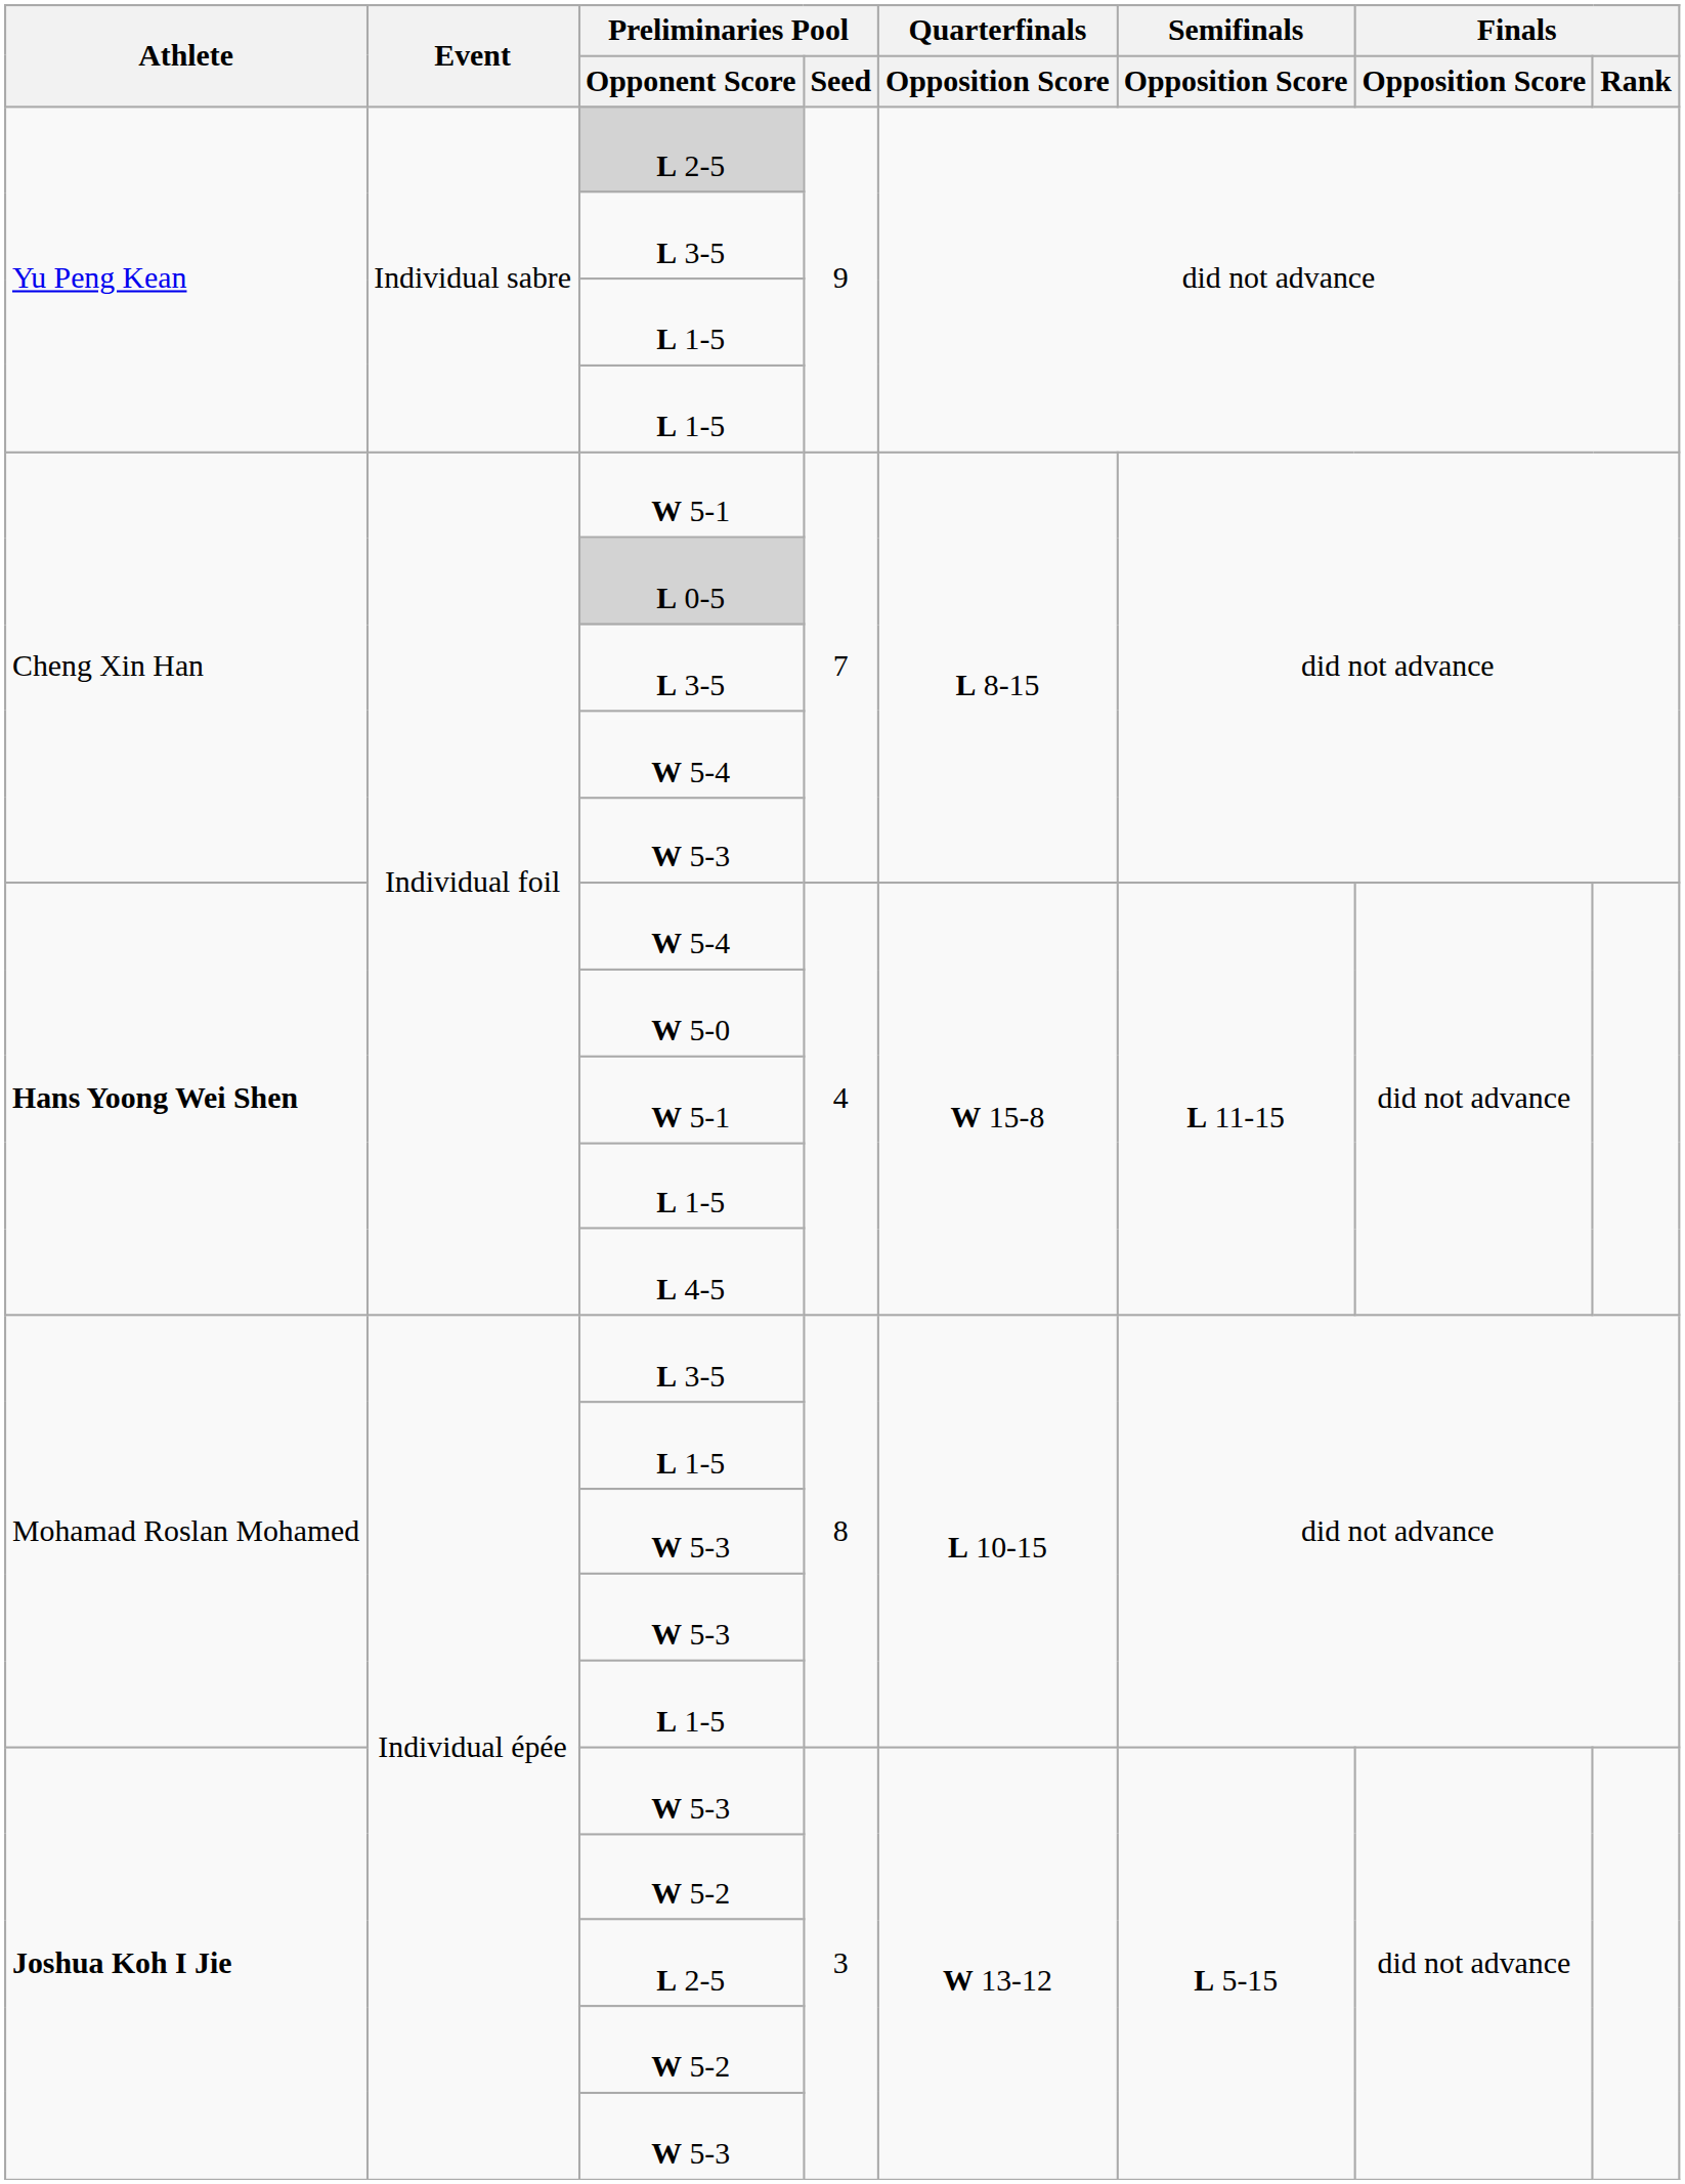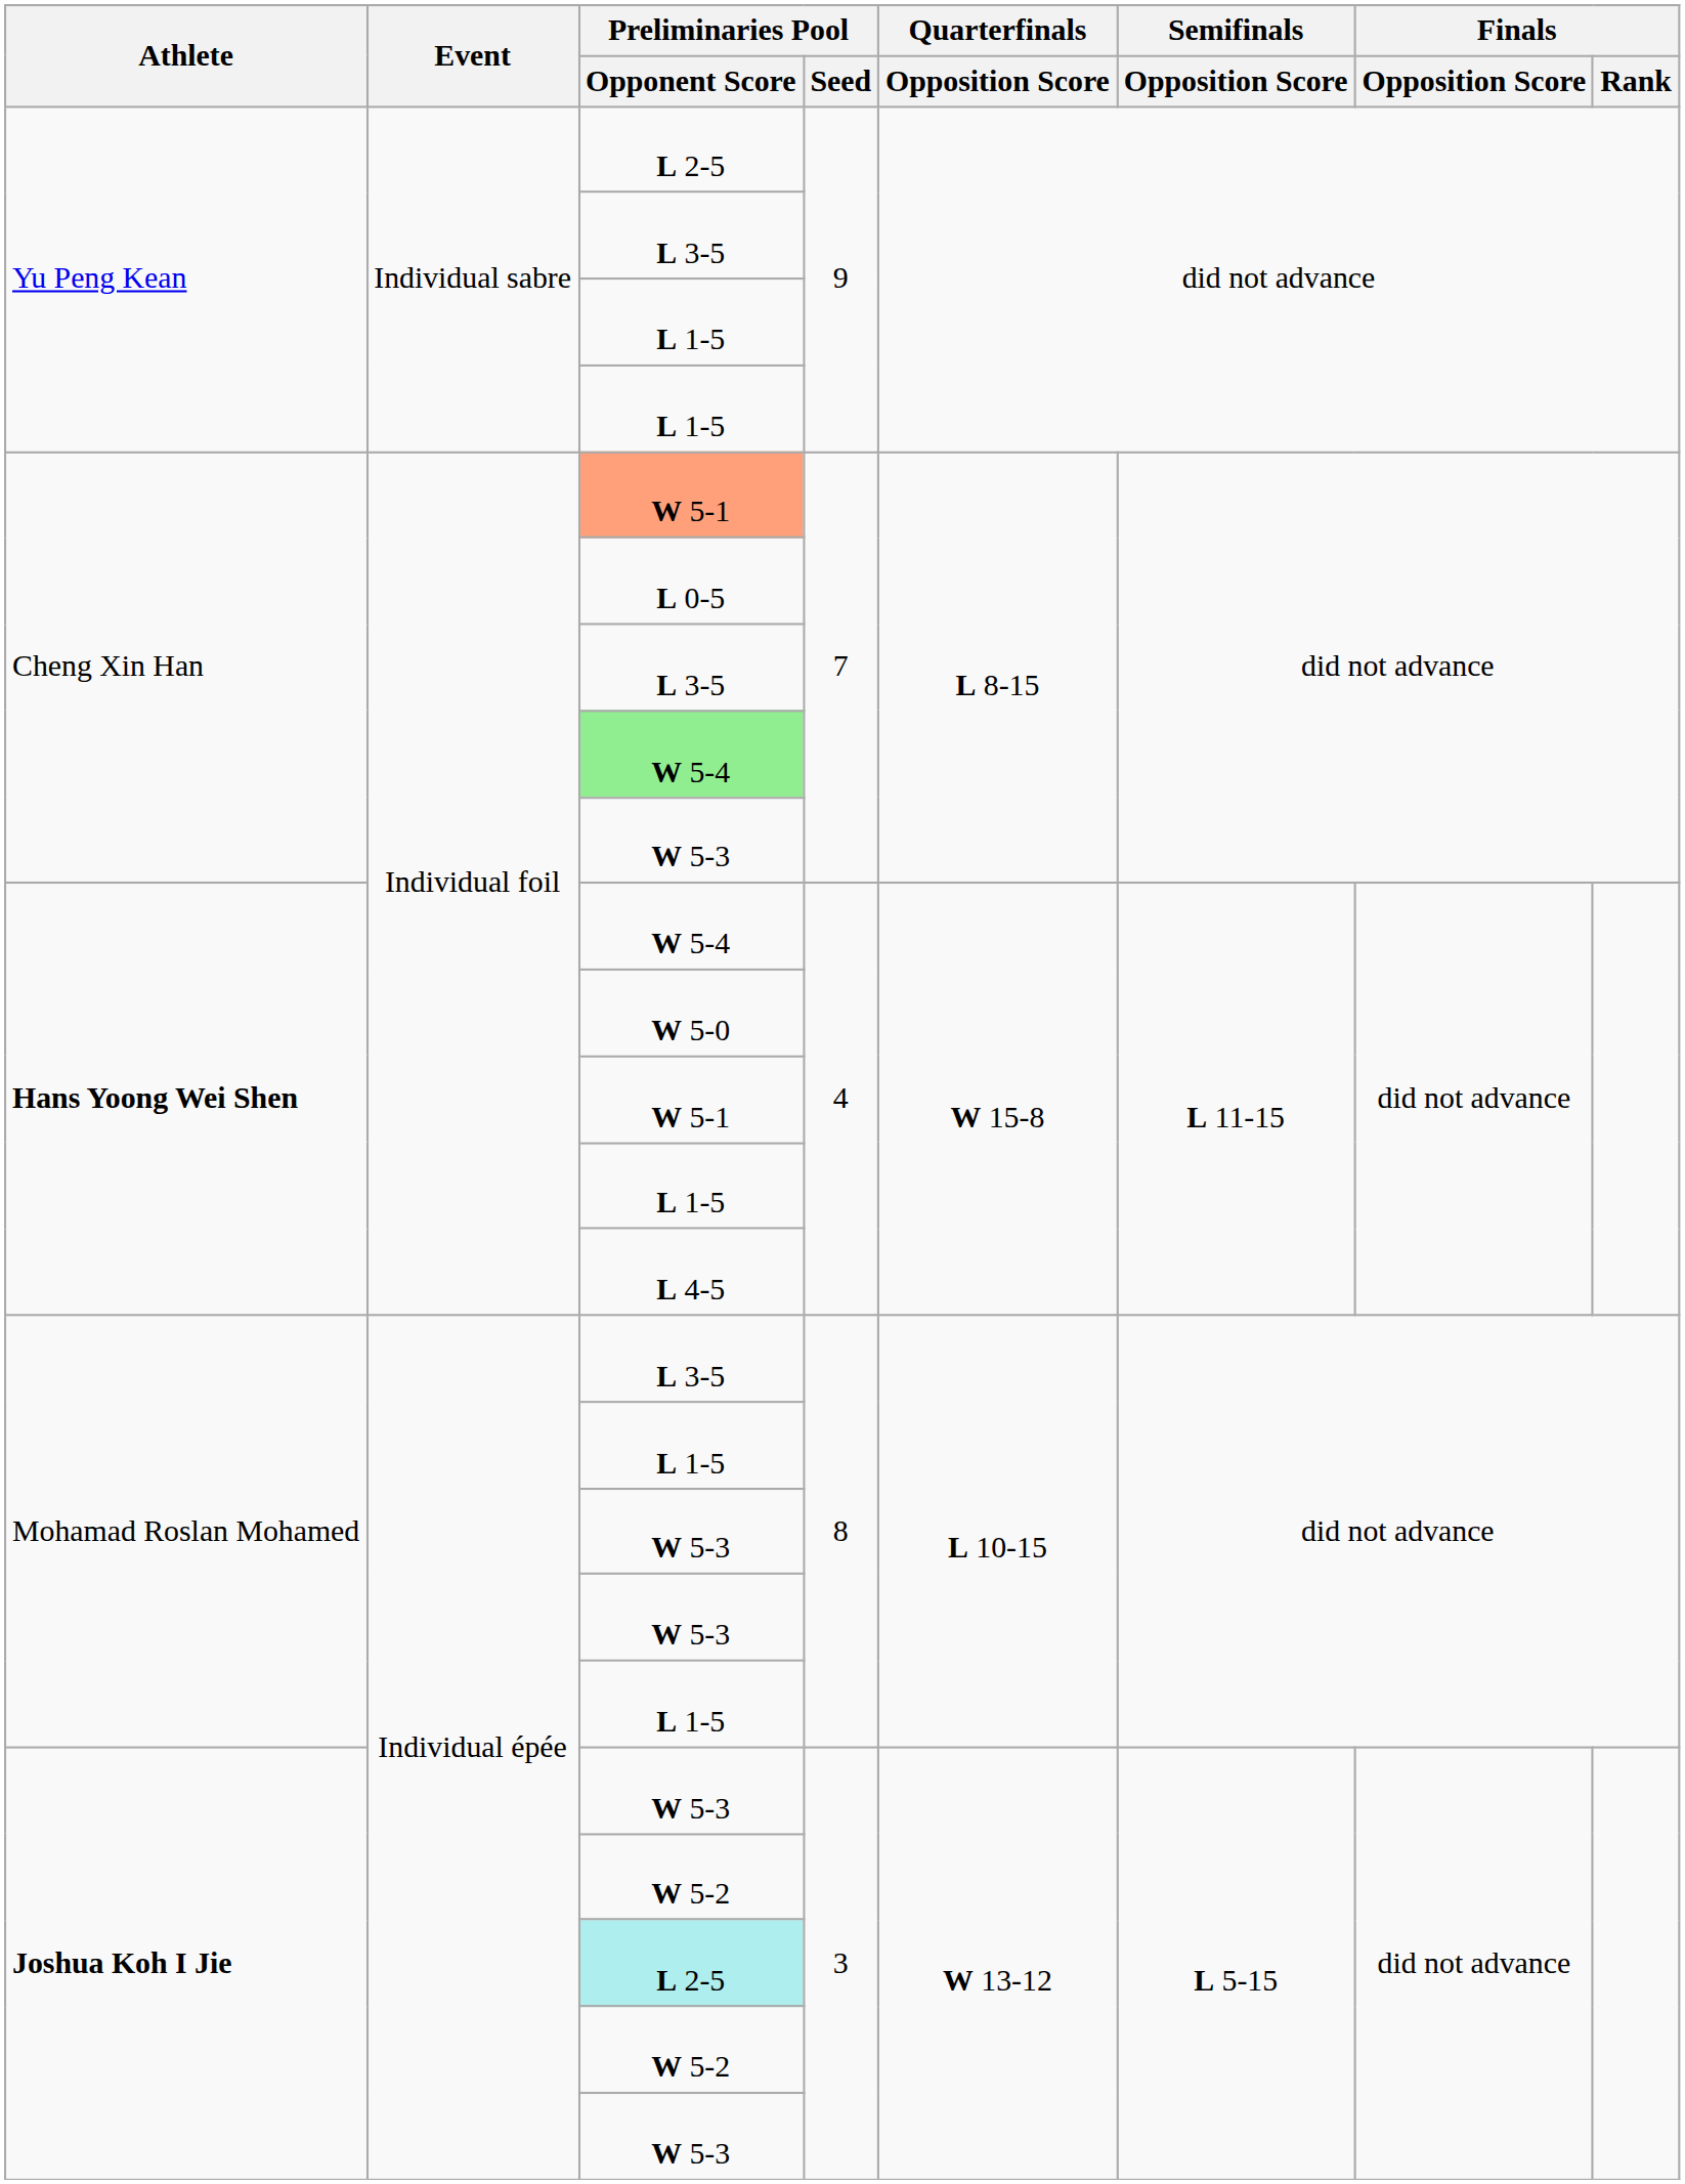 <table class="wikitable" style="font-size:90%">
 <tr>
 <th rowspan="2">Athlete</th>
 <th rowspan="2">Event</th>
 <th colspan="2">Preliminaries Pool</th>
 <th>Quarterfinals</th>
 <th>Semifinals</th>
 <th colspan="2">Finals</th>
 </tr>
 <tr>
 <th>Opponent Score</th>
 <th>Seed</th>
 <th>Opposition Score</th>
 <th>Opposition Score</th>
 <th>Opposition Score</th>
 <th>Rank</th>
 </tr>
 <tr align="center">
 <td align="left" rowspan="4"><a href='#'>Yu Peng Kean</a></td>
 <td rowspan="4">Individual sabre</td>
-<td style="background: lightgrey;"><br><strong>L</strong> 2-5</td>
+<td><br><strong>L</strong> 2-5</td>
 <td rowspan="4">9</td>
 <td colspan="4" rowspan="4">did not advance</td>
 </tr>
 <tr align="center">
 <td><br><strong>L</strong> 3-5</td>
 </tr>
 <tr align="center">
 <td><br><strong>L</strong> 1-5</td>
 </tr>
 <tr align="center">
 <td><br><strong>L</strong> 1-5</td>
 </tr>
 <tr align="center">
 <td align="left" rowspan="5">Cheng Xin Han</td>
 <td rowspan="10">Individual foil</td>
-<td><br><strong>W</strong> 5-1</td>
+<td style="background: lightsalmon;"><br><strong>W</strong> 5-1</td>
 <td rowspan="5">7</td>
 <td rowspan="5"><br><strong>L</strong> 8-15</td>
 <td colspan="3" rowspan="5">did not advance</td>
 </tr>
 <tr align="center">
-<td style="background: lightgrey;"><br><strong>L</strong> 0-5</td>
+<td><br><strong>L</strong> 0-5</td>
 </tr>
 <tr align="center">
 <td><br><strong>L</strong> 3-5</td>
 </tr>
 <tr align="center">
-<td><br><strong>W</strong> 5-4</td>
+<td style="background: lightgreen;"><br><strong>W</strong> 5-4</td>
 </tr>
 <tr align="center">
 <td><br><strong>W</strong> 5-3</td>
 </tr>
 <tr align="center">
 <td align="left" rowspan="5"><strong>Hans Yoong Wei Shen</strong></td>
 <td><br><strong>W</strong> 5-4</td>
 <td rowspan="5">4</td>
 <td rowspan="5"><br><strong>W</strong> 15-8</td>
 <td rowspan="5"><br><strong>L</strong> 11-15</td>
 <td rowspan="5">did not advance</td>
 <td rowspan="5"></td>
 </tr>
 <tr align="center">
 <td><br><strong>W</strong> 5-0</td>
 </tr>
 <tr align="center">
 <td><br><strong>W</strong> 5-1</td>
 </tr>
 <tr align="center">
 <td><br><strong>L</strong> 1-5</td>
 </tr>
 <tr align="center">
 <td><br><strong>L</strong> 4-5</td>
 </tr>
 <tr align="center">
 <td align="left" rowspan="5">Mohamad Roslan Mohamed</td>
 <td rowspan="10">Individual épée</td>
 <td><br><strong>L</strong> 3-5</td>
 <td rowspan="5">8</td>
 <td rowspan="5"><br><strong>L</strong> 10-15</td>
 <td colspan="3" rowspan="5">did not advance</td>
 </tr>
 <tr align="center">
 <td><br><strong>L</strong> 1-5</td>
 </tr>
 <tr align="center">
 <td><br><strong>W</strong> 5-3</td>
 </tr>
 <tr align="center">
 <td><br><strong>W</strong> 5-3</td>
 </tr>
 <tr align="center">
 <td><br><strong>L</strong> 1-5</td>
 </tr>
 <tr align="center">
 <td align="left" rowspan="5"><strong>Joshua Koh I Jie</strong></td>
 <td><br><strong>W</strong> 5-3</td>
 <td rowspan="5">3</td>
 <td rowspan="5"><br><strong>W</strong> 13-12</td>
 <td rowspan="5"><br><strong>L</strong> 5-15</td>
 <td rowspan="5">did not advance</td>
 <td rowspan="5"></td>
 </tr>
 <tr align="center">
 <td><br><strong>W</strong> 5-2</td>
 </tr>
 <tr align="center">
-<td><br><strong>L</strong> 2-5</td>
+<td style="background: paleturquoise;"><br><strong>L</strong> 2-5</td>
 </tr>
 <tr align="center">
 <td><br><strong>W</strong> 5-2</td>
 </tr>
 <tr align="center">
 <td><br><strong>W</strong> 5-3</td>
 </tr>
 </table>
